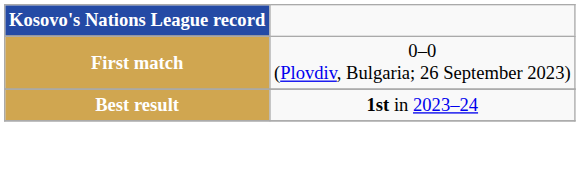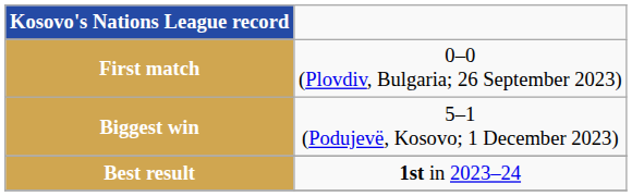 <table class="wikitable floatright" style="text-align:center;font-size:88%;">
 <tr>
 <th style="background:#244AA5;color:white;"><strong>Kosovo's Nations League record</strong></th>
 </tr>
 <tr>
 <th style="background:#d0A650;color:white;">First match</th>
 <td> 0–0 <br>(<a href='#'>Plovdiv</a>, Bulgaria; 26 September 2023)</td>
+</tr>
+<tr>
+<th style="background:#d0A650;color:white;">Biggest win</th>
+<td> 5–1 <br>(<a href='#'>Podujevë</a>, Kosovo; 1 December 2023)</td>
 </tr>
 <tr>
 </tr>
 <tr>
 <th style="background:#d0A650;color:white;">Best result</th>
 <td><strong>1st</strong> in <a href='#'>2023–24</a></td>
 </tr>
 <tr>
 </tr>
 </table>
